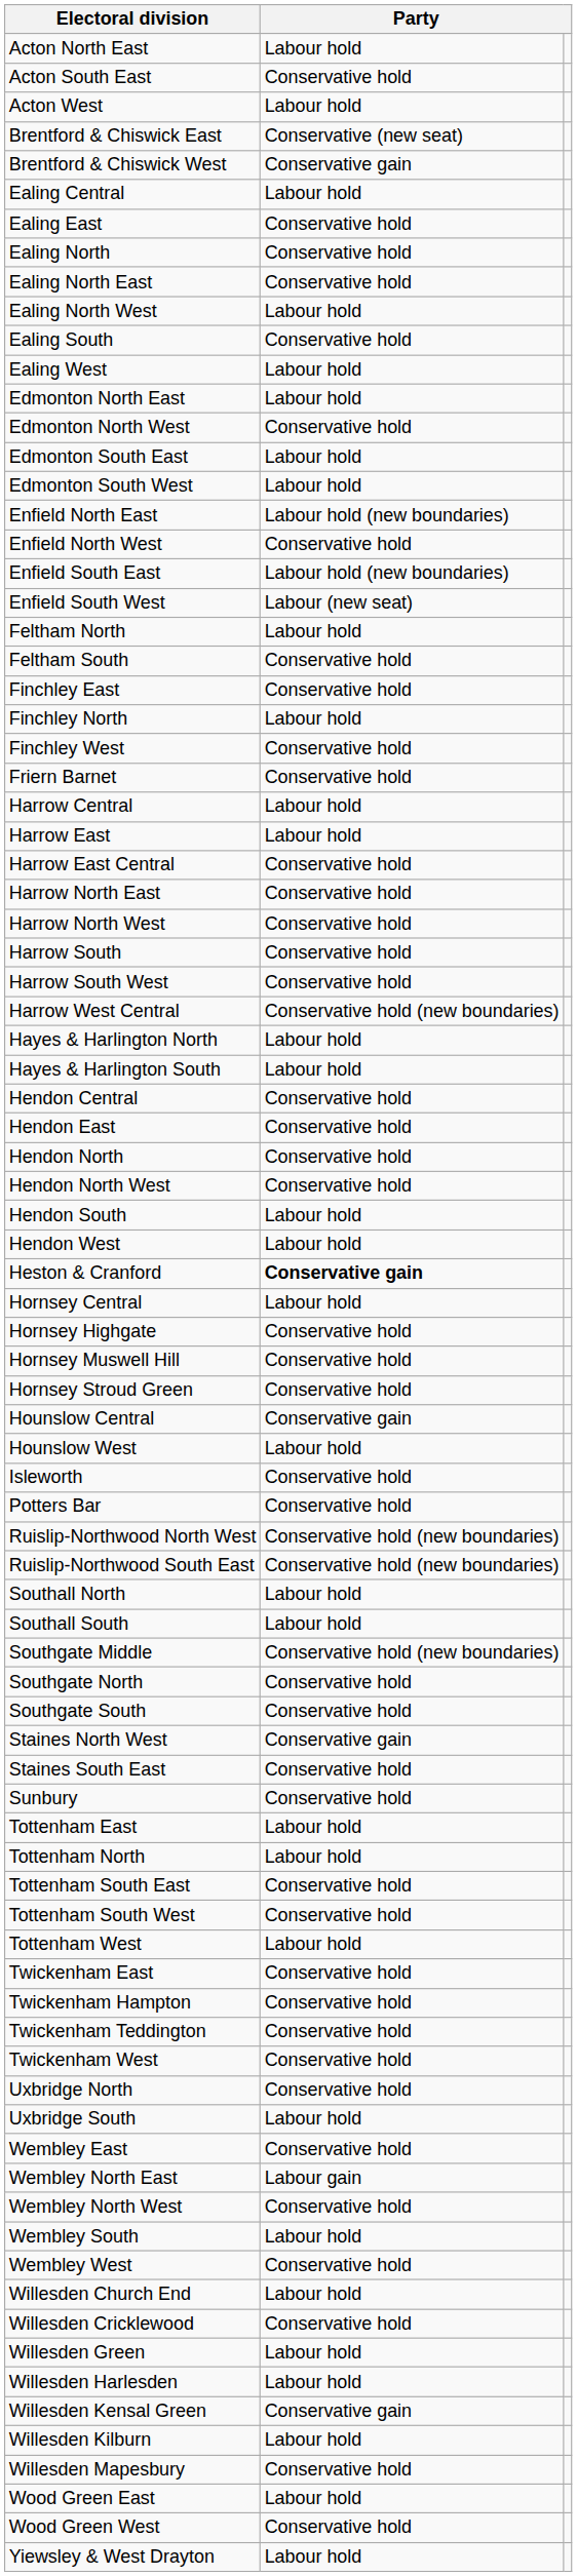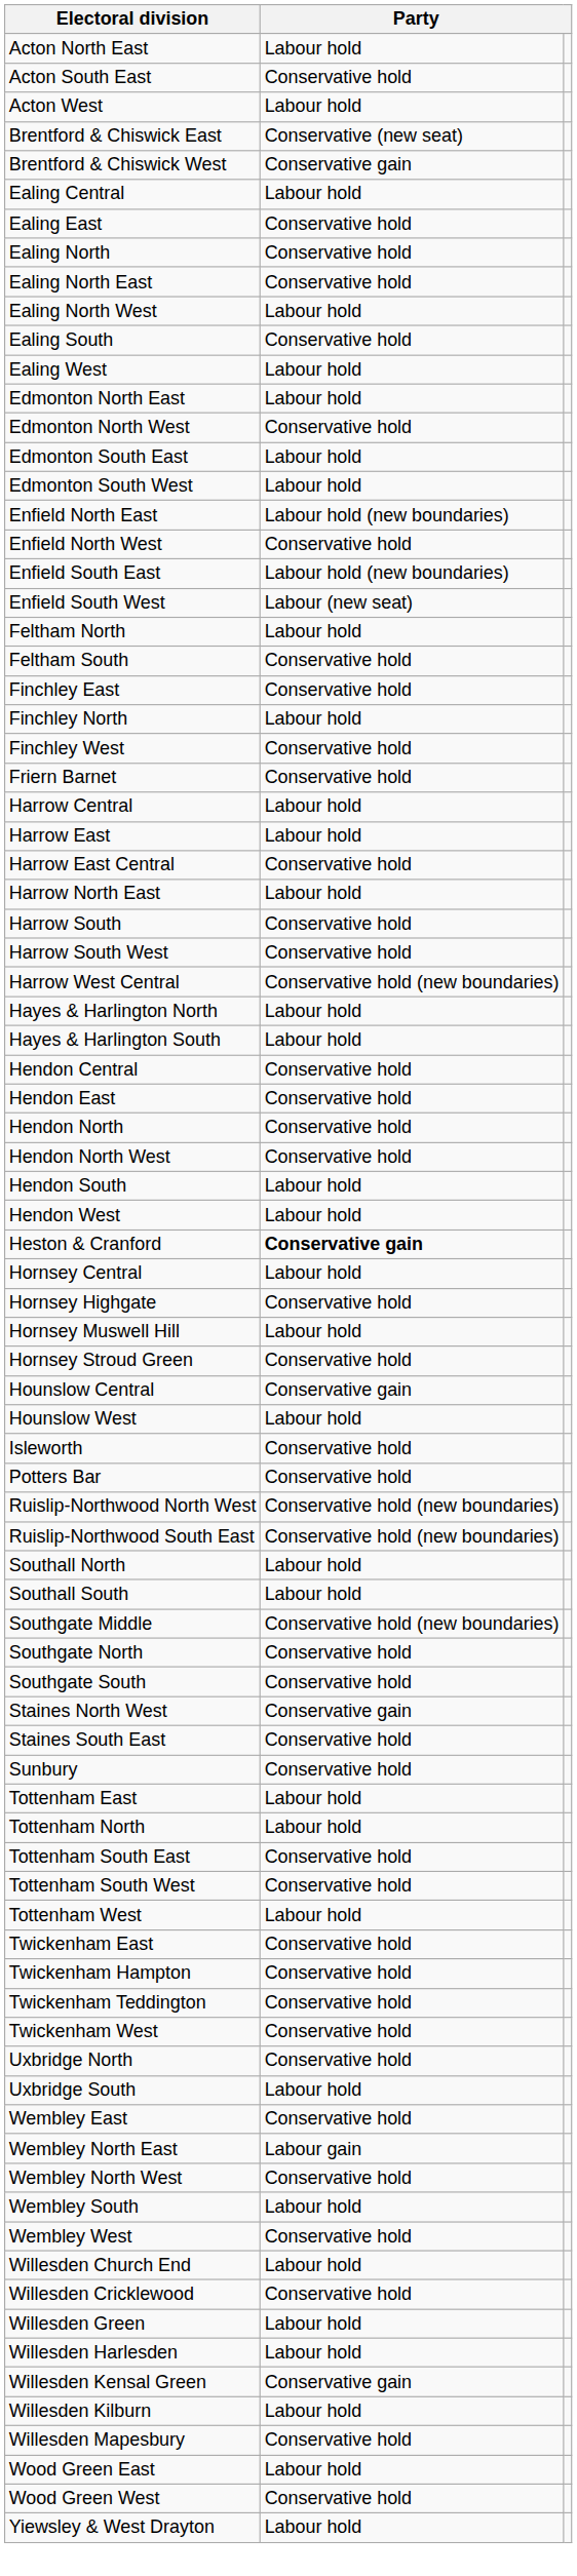 <table class="wikitable mw-collapsible mw-collapsed">
 <tr>
 <th>Electoral division</th>
 <th colspan="2">Party</th>
 </tr>
 <tr>
 <td>Acton North East</td>
 <td>Labour hold</td>
 <td style="background-color: "></td>
 </tr>
 <tr>
 <td>Acton South East</td>
 <td>Conservative hold</td>
 <td style="background-color: "></td>
 </tr>
 <tr>
 <td>Acton West</td>
 <td>Labour hold</td>
 <td style="background-color: "></td>
 </tr>
 <tr>
 <td>Brentford & Chiswick East</td>
 <td>Conservative (new seat)</td>
 <td style="background-color: "></td>
 </tr>
 <tr>
 <td>Brentford & Chiswick West</td>
 <td>Conservative gain</td>
 <td style="background-color: "></td>
 </tr>
 <tr>
 <td>Ealing Central</td>
 <td>Labour hold</td>
 <td style="background-color: "></td>
 </tr>
 <tr>
 <td>Ealing East</td>
 <td>Conservative hold</td>
 <td style="background-color: "></td>
 </tr>
 <tr>
 <td>Ealing North</td>
 <td>Conservative hold</td>
 <td style="background-color: "></td>
 </tr>
 <tr>
 <td>Ealing North East</td>
 <td>Conservative hold</td>
 <td style="background-color: "></td>
 </tr>
 <tr>
 <td>Ealing North West</td>
 <td>Labour hold</td>
 <td style="background-color: "></td>
 </tr>
 <tr>
 <td>Ealing South</td>
 <td>Conservative hold</td>
 <td style="background-color: "></td>
 </tr>
 <tr>
 <td>Ealing West</td>
 <td>Labour hold</td>
 <td style="background-color: "></td>
 </tr>
 <tr>
 <td>Edmonton North East</td>
 <td>Labour hold</td>
 <td style="background-color: "></td>
 </tr>
 <tr>
 <td>Edmonton North West</td>
 <td>Conservative hold</td>
 <td style="background-color: "></td>
 </tr>
 <tr>
 <td>Edmonton South East</td>
 <td>Labour hold</td>
 <td style="background-color: "></td>
 </tr>
 <tr>
 <td>Edmonton South West</td>
 <td>Labour hold</td>
 <td style="background-color: "></td>
 </tr>
 <tr>
 <td>Enfield North East</td>
 <td>Labour hold (new boundaries)</td>
 <td style="background-color: "></td>
 </tr>
 <tr>
 <td>Enfield North West</td>
 <td>Conservative hold</td>
 <td style="background-color: "></td>
 </tr>
 <tr>
 <td>Enfield South East</td>
 <td>Labour hold (new boundaries)</td>
 <td style="background-color: "></td>
 </tr>
 <tr>
 <td>Enfield South West</td>
 <td>Labour (new seat)</td>
 <td style="background-color: "></td>
 </tr>
 <tr>
 <td>Feltham North</td>
 <td>Labour hold</td>
 <td style="background-color: "></td>
 </tr>
 <tr>
 <td>Feltham South</td>
 <td>Conservative hold</td>
 <td style="background-color: "></td>
 </tr>
 <tr>
 <td>Finchley East</td>
 <td>Conservative hold</td>
 <td style="background-color: "></td>
 </tr>
 <tr>
 <td>Finchley North</td>
 <td>Labour hold</td>
 <td style="background-color: "></td>
 </tr>
 <tr>
 <td>Finchley West</td>
 <td>Conservative hold</td>
 <td style="background-color: "></td>
 </tr>
 <tr>
 <td>Friern Barnet</td>
 <td>Conservative hold</td>
 <td style="background-color: "></td>
 </tr>
 <tr>
 <td>Harrow Central</td>
 <td>Labour hold</td>
 <td style="background-color: "></td>
 </tr>
 <tr>
 <td>Harrow East</td>
 <td>Labour hold</td>
 <td style="background-color: "></td>
 </tr>
 <tr>
 <td>Harrow East Central</td>
 <td>Conservative hold</td>
 <td style="background-color: "></td>
 </tr>
 <tr>
 <td>Harrow North East</td>
-<td>Conservative hold</td>
-<td style="background-color: "></td>
-</tr>
-<tr>
-<td>Harrow North West</td>
-<td>Conservative hold</td>
+<td>Labour hold</td>
 <td style="background-color: "></td>
 </tr>
 <tr>
 <td>Harrow South</td>
 <td>Conservative hold</td>
 <td style="background-color: "></td>
 </tr>
 <tr>
 <td>Harrow South West</td>
 <td>Conservative hold</td>
 <td style="background-color: "></td>
 </tr>
 <tr>
 <td>Harrow West Central</td>
 <td>Conservative hold (new boundaries)</td>
 <td style="background-color: "></td>
 </tr>
 <tr>
 <td>Hayes & Harlington North</td>
 <td>Labour hold</td>
 <td style="background-color: "></td>
 </tr>
 <tr>
 <td>Hayes & Harlington South</td>
 <td>Labour hold</td>
 <td style="background-color: "></td>
 </tr>
 <tr>
 <td>Hendon Central</td>
 <td>Conservative hold</td>
 <td style="background-color: "></td>
 </tr>
 <tr>
 <td>Hendon East</td>
 <td>Conservative hold</td>
 <td style="background-color: "></td>
 </tr>
 <tr>
 <td>Hendon North</td>
 <td>Conservative hold</td>
 <td style="background-color: "></td>
 </tr>
 <tr>
 <td>Hendon North West</td>
 <td>Conservative hold</td>
 <td style="background-color: "></td>
 </tr>
 <tr>
 <td>Hendon South</td>
 <td>Labour hold</td>
 <td style="background-color: "></td>
 </tr>
 <tr>
 <td>Hendon West</td>
 <td>Labour hold</td>
 <td style="background-color: "></td>
 </tr>
 <tr>
 <td>Heston & Cranford</td>
 <td><strong>Conservative gain</strong></td>
 <td style="background-color: "></td>
 </tr>
 <tr>
 <td>Hornsey Central</td>
 <td>Labour hold</td>
 <td style="background-color: "></td>
 </tr>
 <tr>
 <td>Hornsey Highgate</td>
 <td>Conservative hold</td>
 <td style="background-color: "></td>
 </tr>
 <tr>
 <td>Hornsey Muswell Hill</td>
-<td>Conservative hold</td>
+<td>Labour hold</td>
 <td style="background-color: "></td>
 </tr>
 <tr>
 <td>Hornsey Stroud Green</td>
 <td>Conservative hold</td>
 <td style="background-color: "></td>
 </tr>
 <tr>
 <td>Hounslow Central</td>
 <td>Conservative gain</td>
 <td style="background-color: "></td>
 </tr>
 <tr>
 <td>Hounslow West</td>
 <td>Labour hold</td>
 <td style="background-color: "></td>
 </tr>
 <tr>
 <td>Isleworth</td>
 <td>Conservative hold</td>
 <td style="background-color: "></td>
 </tr>
 <tr>
 <td>Potters Bar</td>
 <td>Conservative hold</td>
 <td style="background-color: "></td>
 </tr>
 <tr>
 <td>Ruislip-Northwood North West</td>
 <td>Conservative hold (new boundaries)</td>
 <td style="background-color: "></td>
 </tr>
 <tr>
 <td>Ruislip-Northwood South East</td>
 <td>Conservative hold (new boundaries)</td>
 <td style="background-color: "></td>
 </tr>
 <tr>
 <td>Southall North</td>
 <td>Labour hold</td>
 <td style="background-color: "></td>
 </tr>
 <tr>
 <td>Southall South</td>
 <td>Labour hold</td>
 <td style="background-color: "></td>
 </tr>
 <tr>
 <td>Southgate Middle</td>
 <td>Conservative hold (new boundaries)</td>
 <td style="background-color: "></td>
 </tr>
 <tr>
 <td>Southgate North</td>
 <td>Conservative hold</td>
 <td style="background-color: "></td>
 </tr>
 <tr>
 <td>Southgate South</td>
 <td>Conservative hold</td>
 <td style="background-color: "></td>
 </tr>
 <tr>
 <td>Staines North West</td>
 <td>Conservative gain</td>
 <td style="background-color: "></td>
 </tr>
 <tr>
 <td>Staines South East</td>
 <td>Conservative hold</td>
 <td style="background-color: "></td>
 </tr>
 <tr>
 <td>Sunbury</td>
 <td>Conservative hold</td>
 <td style="background-color: "></td>
 </tr>
 <tr>
 <td>Tottenham East</td>
 <td>Labour hold</td>
 <td style="background-color: "></td>
 </tr>
 <tr>
 <td>Tottenham North</td>
 <td>Labour hold</td>
 <td style="background-color: "></td>
 </tr>
 <tr>
 <td>Tottenham South East</td>
 <td>Conservative hold</td>
 <td style="background-color: "></td>
 </tr>
 <tr>
 <td>Tottenham South West</td>
 <td>Conservative hold</td>
 <td style="background-color: "></td>
 </tr>
 <tr>
 <td>Tottenham West</td>
 <td>Labour hold</td>
 <td style="background-color: "></td>
 </tr>
 <tr>
 <td>Twickenham East</td>
 <td>Conservative hold</td>
 <td style="background-color: "></td>
 </tr>
 <tr>
 <td>Twickenham Hampton</td>
 <td>Conservative hold</td>
 <td style="background-color: "></td>
 </tr>
 <tr>
 <td>Twickenham Teddington</td>
 <td>Conservative hold</td>
 <td style="background-color: "></td>
 </tr>
 <tr>
 <td>Twickenham West</td>
 <td>Conservative hold</td>
 <td style="background-color: "></td>
 </tr>
 <tr>
 <td>Uxbridge North</td>
 <td>Conservative hold</td>
 <td style="background-color: "></td>
 </tr>
 <tr>
 <td>Uxbridge South</td>
 <td>Labour hold</td>
 <td style="background-color: "></td>
 </tr>
 <tr>
 <td>Wembley East</td>
 <td>Conservative hold</td>
 <td style="background-color: "></td>
 </tr>
 <tr>
 <td>Wembley North East</td>
 <td>Labour gain</td>
 <td style="background-color: "></td>
 </tr>
 <tr>
 <td>Wembley North West</td>
 <td>Conservative hold</td>
 <td style="background-color: "></td>
 </tr>
 <tr>
 <td>Wembley South</td>
 <td>Labour hold</td>
 <td style="background-color: "></td>
 </tr>
 <tr>
 <td>Wembley West</td>
 <td>Conservative hold</td>
 <td style="background-color: "></td>
 </tr>
 <tr>
 <td>Willesden Church End</td>
 <td>Labour hold</td>
 <td style="background-color: "></td>
 </tr>
 <tr>
 <td>Willesden Cricklewood</td>
 <td>Conservative hold</td>
 <td style="background-color: "></td>
 </tr>
 <tr>
 <td>Willesden Green</td>
 <td>Labour hold</td>
 <td style="background-color: "></td>
 </tr>
 <tr>
 <td>Willesden Harlesden</td>
 <td>Labour hold</td>
 <td style="background-color: "></td>
 </tr>
 <tr>
 <td>Willesden Kensal Green</td>
 <td>Conservative gain</td>
 <td style="background-color: "></td>
 </tr>
 <tr>
 <td>Willesden Kilburn</td>
 <td>Labour hold</td>
 <td style="background-color: "></td>
 </tr>
 <tr>
 <td>Willesden Mapesbury</td>
 <td>Conservative hold</td>
 <td style="background-color: "></td>
 </tr>
 <tr>
 <td>Wood Green East</td>
 <td>Labour hold</td>
 <td style="background-color: "></td>
 </tr>
 <tr>
 <td>Wood Green West</td>
 <td>Conservative hold</td>
 <td style="background-color: "></td>
 </tr>
 <tr>
 <td>Yiewsley & West Drayton</td>
 <td>Labour hold</td>
 <td style="background-color: "></td>
 </tr>
 </table>
